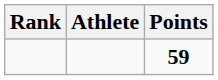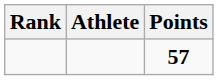 <table class=wikitable style="text-align:center;">
 <tr>
 <th>Rank</th>
 <th>Athlete</th>
 <th>Points</th>
 </tr>
 <tr>
 <td></td>
 <td align=left></td>
-<td><strong>59</strong></td>
+<td><strong>57</strong></td>
 </tr>
 </table>
